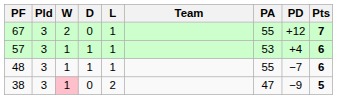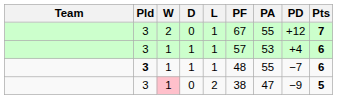 <table class="wikitable" style="text-align:center;">
 <tr>
-<th width=32 abbr="Points for">PF</th>
+<th width=175>Team</th>
 <th width=25 abbr="Played">Pld</th>
 <th width=25 abbr="Won">W</th>
 <th width=25 abbr="Drawn">D</th>
 <th width=25 abbr="Lost">L</th>
-<th width=175>Team</th>
+<th width=32 abbr="Points for">PF</th>
 <th width=32 abbr="Points against">PA</th>
 <th width=32 abbr="Points difference">PD</th>
 <th width=25 abbr="Points">Pts</th>
 </tr>
 <tr bgcolor=ccffcc>
-<td>67</td>
+<td align=left></td>
 <td>3</td>
 <td>2</td>
 <td>0</td>
 <td>1</td>
-<td align=left></td>
+<td>67</td>
 <td>55</td>
 <td>+12</td>
 <td><strong>7</strong></td>
 </tr>
 <tr bgcolor=ccffcc>
-<td>57</td>
+<td align=left></td>
 <td>3</td>
 <td>1</td>
 <td>1</td>
 <td>1</td>
-<td align=left></td>
+<td>57</td>
 <td>53</td>
 <td>+4</td>
 <td><strong>6</strong></td>
 </tr>
 <tr>
-<td>48</td>
-<td>3</td>
+<td align=left></td>
+<td><strong>3</strong></td>
 <td>1</td>
 <td>1</td>
 <td>1</td>
-<td align=left></td>
+<td>48</td>
 <td>55</td>
 <td>−7</td>
 <td><strong>6</strong></td>
 </tr>
 <tr>
-<td>38</td>
+<td align=left></td>
 <td>3</td>
 <td style="background: pink;">1</td>
 <td>0</td>
 <td>2</td>
-<td align=left></td>
+<td>38</td>
 <td>47</td>
 <td>−9</td>
 <td><strong>5</strong></td>
 </tr>
 </table>
